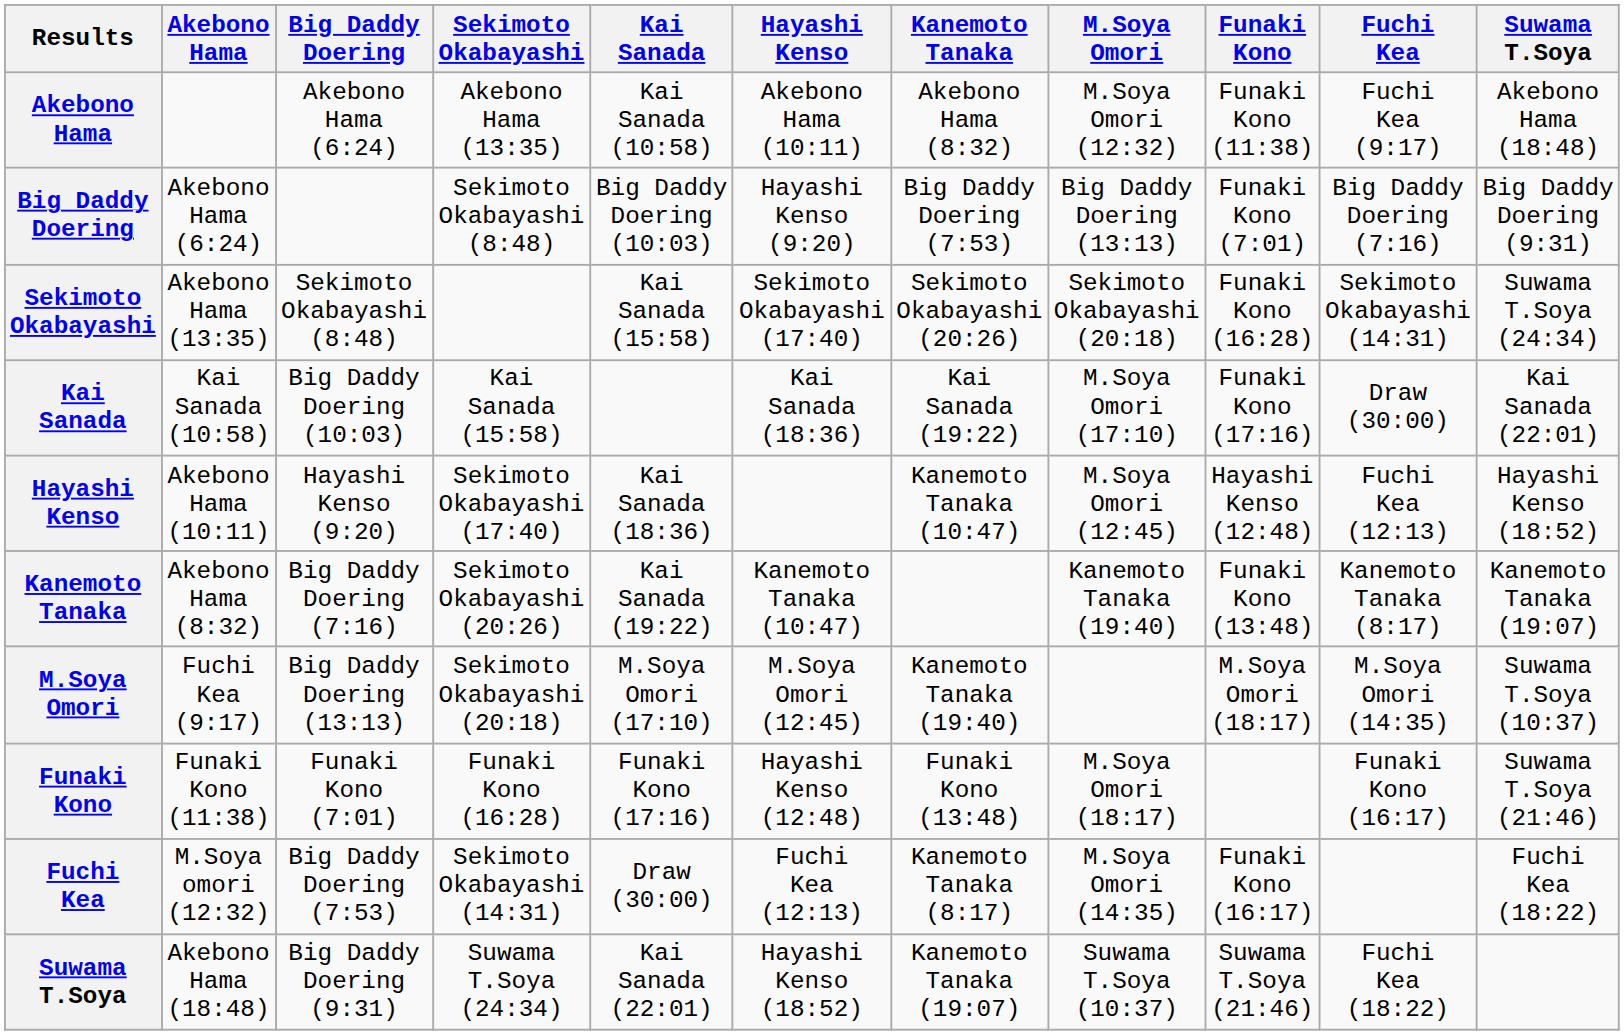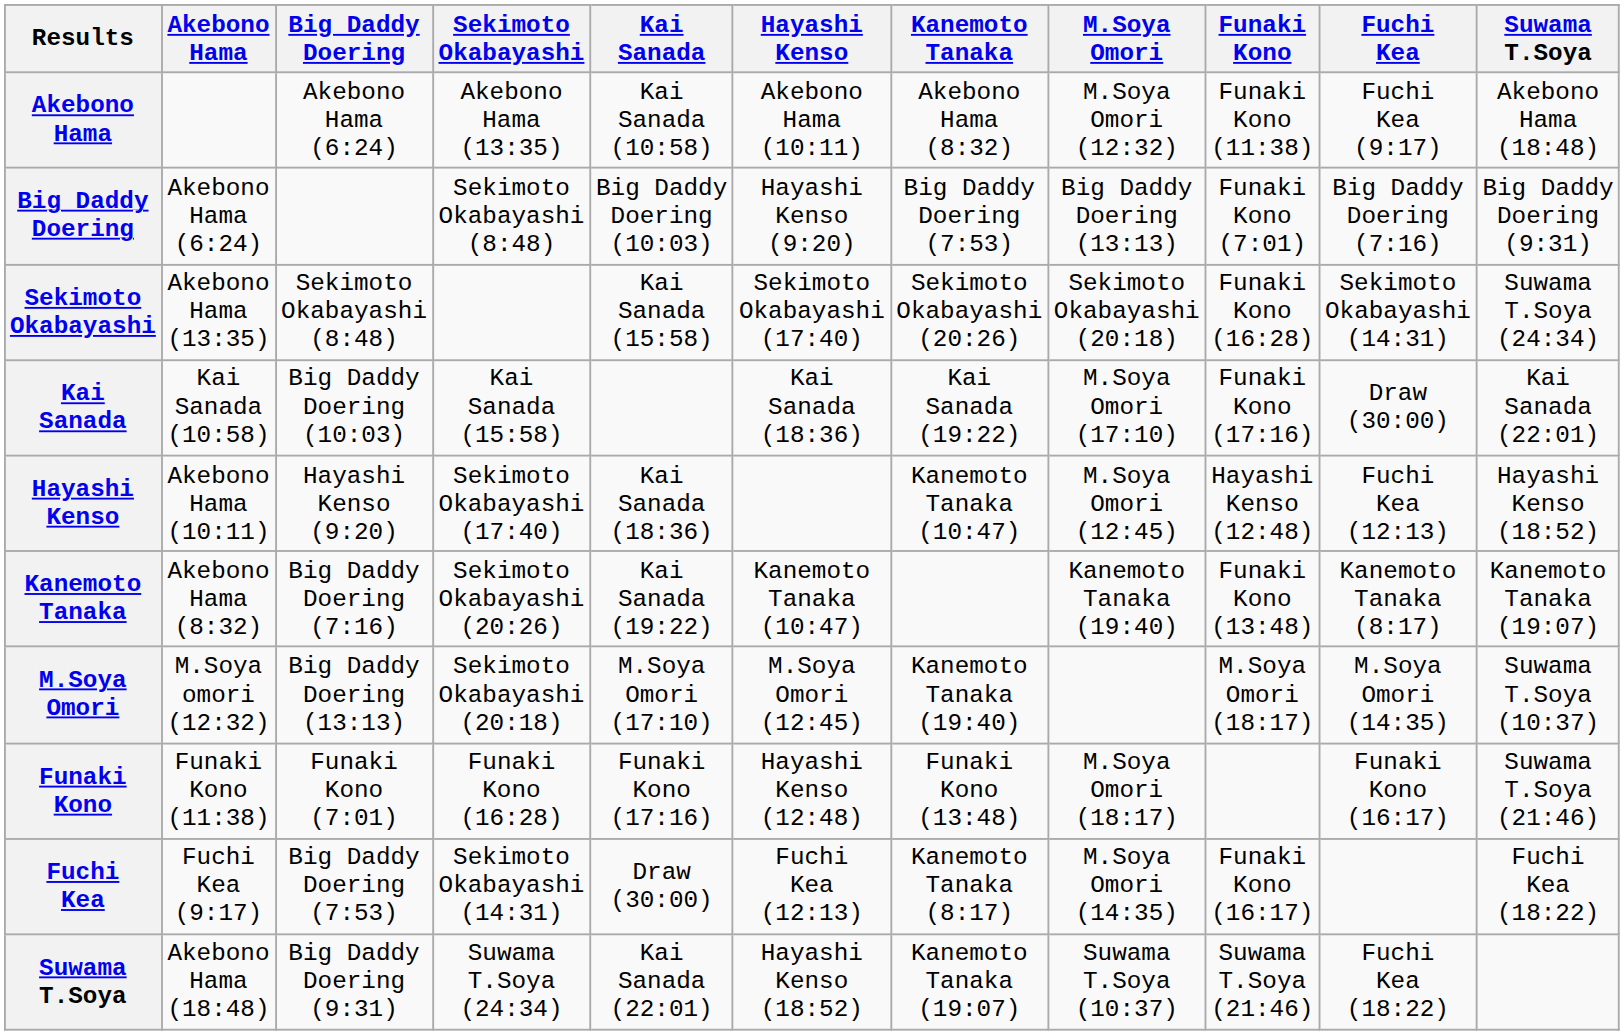 <table class="wikitable" style="text-align:center; margin: 1em auto 1em auto">
 <tr>
 <th>Results</th>
 <th><a href='#'>Akebono</a><br><a href='#'>Hama</a></th>
 <th><a href='#'>Big Daddy</a><br><a href='#'>Doering</a></th>
 <th><a href='#'>Sekimoto</a><br><a href='#'>Okabayashi</a></th>
 <th><a href='#'>Kai</a><br><a href='#'>Sanada</a></th>
 <th><a href='#'>Hayashi</a><br><a href='#'>Kenso</a></th>
 <th><a href='#'>Kanemoto</a><br><a href='#'>Tanaka</a></th>
 <th><a href='#'>M.Soya</a><br><a href='#'>Omori</a></th>
 <th><a href='#'>Funaki</a><br><a href='#'>Kono</a></th>
 <th><a href='#'>Fuchi</a><br><a href='#'>Kea</a></th>
 <th><a href='#'>Suwama</a><br>T.Soya</th>
 </tr>
 <tr>
 <th><a href='#'>Akebono</a><br><a href='#'>Hama</a></th>
 <td></td>
 <td>Akebono<br>Hama<br>(6:24)</td>
 <td>Akebono<br>Hama<br>(13:35)</td>
 <td>Kai<br>Sanada<br>(10:58)</td>
 <td>Akebono<br>Hama<br>(10:11)</td>
 <td>Akebono<br>Hama<br>(8:32)</td>
 <td>M.Soya<br>Omori<br>(12:32)</td>
 <td>Funaki<br>Kono<br>(11:38)</td>
 <td>Fuchi<br>Kea<br>(9:17)</td>
 <td>Akebono<br>Hama<br>(18:48)</td>
 </tr>
 <tr>
 <th><a href='#'>Big Daddy</a><br><a href='#'>Doering</a></th>
 <td>Akebono<br>Hama<br>(6:24)</td>
 <td></td>
 <td>Sekimoto<br>Okabayashi<br>(8:48)</td>
 <td>Big Daddy<br>Doering<br>(10:03)</td>
 <td>Hayashi<br>Kenso<br>(9:20)</td>
 <td>Big Daddy<br>Doering<br>(7:53)</td>
 <td>Big Daddy<br>Doering<br>(13:13)</td>
 <td>Funaki<br>Kono<br>(7:01)</td>
 <td>Big Daddy<br>Doering<br>(7:16)</td>
 <td>Big Daddy<br>Doering<br>(9:31)</td>
 </tr>
 <tr>
 <th><a href='#'>Sekimoto</a><br><a href='#'>Okabayashi</a></th>
 <td>Akebono<br>Hama<br>(13:35)</td>
 <td>Sekimoto<br>Okabayashi<br>(8:48)</td>
 <td></td>
 <td>Kai<br>Sanada<br>(15:58)</td>
 <td>Sekimoto<br>Okabayashi<br>(17:40)</td>
 <td>Sekimoto<br>Okabayashi<br>(20:26)</td>
 <td>Sekimoto<br>Okabayashi<br>(20:18)</td>
 <td>Funaki<br>Kono<br>(16:28)</td>
 <td>Sekimoto<br>Okabayashi<br>(14:31)</td>
 <td>Suwama<br>T.Soya<br>(24:34)</td>
 </tr>
 <tr>
 <th><a href='#'>Kai</a><br><a href='#'>Sanada</a></th>
 <td>Kai<br>Sanada<br>(10:58)</td>
 <td>Big Daddy<br>Doering<br>(10:03)</td>
 <td>Kai<br>Sanada<br>(15:58)</td>
 <td></td>
 <td>Kai<br>Sanada<br>(18:36)</td>
 <td>Kai<br>Sanada<br>(19:22)</td>
 <td>M.Soya<br>Omori<br>(17:10)</td>
 <td>Funaki<br>Kono<br>(17:16)</td>
 <td>Draw<br>(30:00)</td>
 <td>Kai<br>Sanada<br>(22:01)</td>
 </tr>
 <tr>
 <th><a href='#'>Hayashi</a><br><a href='#'>Kenso</a></th>
 <td>Akebono<br>Hama<br>(10:11)</td>
 <td>Hayashi<br>Kenso<br>(9:20)</td>
 <td>Sekimoto<br>Okabayashi<br>(17:40)</td>
 <td>Kai<br>Sanada<br>(18:36)</td>
 <td></td>
 <td>Kanemoto<br>Tanaka<br>(10:47)</td>
 <td>M.Soya<br>Omori<br>(12:45)</td>
 <td>Hayashi<br>Kenso<br>(12:48)</td>
 <td>Fuchi<br>Kea<br>(12:13)</td>
 <td>Hayashi<br>Kenso<br>(18:52)</td>
 </tr>
 <tr>
 <th><a href='#'>Kanemoto</a><br><a href='#'>Tanaka</a></th>
 <td>Akebono<br>Hama<br>(8:32)</td>
 <td>Big Daddy<br>Doering<br>(7:16)</td>
 <td>Sekimoto<br>Okabayashi<br>(20:26)</td>
 <td>Kai<br>Sanada<br>(19:22)</td>
 <td>Kanemoto<br>Tanaka<br>(10:47)</td>
 <td></td>
 <td>Kanemoto<br>Tanaka<br>(19:40)</td>
 <td>Funaki<br>Kono<br>(13:48)</td>
 <td>Kanemoto<br>Tanaka<br>(8:17)</td>
 <td>Kanemoto<br>Tanaka<br>(19:07)</td>
 </tr>
 <tr>
 <th><a href='#'>M.Soya</a><br><a href='#'>Omori</a></th>
-<td>Fuchi<br>Kea<br>(9:17)</td>
+<td>M.Soya<br>omori<br>(12:32)</td>
 <td>Big Daddy<br>Doering<br>(13:13)</td>
 <td>Sekimoto<br>Okabayashi<br>(20:18)</td>
 <td>M.Soya<br>Omori<br>(17:10)</td>
 <td>M.Soya<br>Omori<br>(12:45)</td>
 <td>Kanemoto<br>Tanaka<br>(19:40)</td>
 <td></td>
 <td>M.Soya<br>Omori<br>(18:17)</td>
 <td>M.Soya<br>Omori<br>(14:35)</td>
 <td>Suwama<br>T.Soya<br>(10:37)</td>
 </tr>
 <tr>
 <th><a href='#'>Funaki</a><br><a href='#'>Kono</a></th>
 <td>Funaki<br>Kono<br>(11:38)</td>
 <td>Funaki<br>Kono<br>(7:01)</td>
 <td>Funaki<br>Kono<br>(16:28)</td>
 <td>Funaki<br>Kono<br>(17:16)</td>
 <td>Hayashi<br>Kenso<br>(12:48)</td>
 <td>Funaki<br>Kono<br>(13:48)</td>
 <td>M.Soya<br>Omori<br>(18:17)</td>
 <td></td>
 <td>Funaki<br>Kono<br>(16:17)</td>
 <td>Suwama<br>T.Soya<br>(21:46)</td>
 </tr>
 <tr>
 <th><a href='#'>Fuchi</a><br><a href='#'>Kea</a></th>
-<td>M.Soya<br>omori<br>(12:32)</td>
+<td>Fuchi<br>Kea<br>(9:17)</td>
 <td>Big Daddy<br>Doering<br>(7:53)</td>
 <td>Sekimoto<br>Okabayashi<br>(14:31)</td>
 <td>Draw<br>(30:00)</td>
 <td>Fuchi<br>Kea<br>(12:13)</td>
 <td>Kanemoto<br>Tanaka<br>(8:17)</td>
 <td>M.Soya<br>Omori<br>(14:35)</td>
 <td>Funaki<br>Kono<br>(16:17)</td>
 <td></td>
 <td>Fuchi<br>Kea<br>(18:22)</td>
 </tr>
 <tr>
 <th><a href='#'>Suwama</a><br>T.Soya</th>
 <td>Akebono<br>Hama<br>(18:48)</td>
 <td>Big Daddy<br>Doering<br>(9:31)</td>
 <td>Suwama<br>T.Soya<br>(24:34)</td>
 <td>Kai<br>Sanada<br>(22:01)</td>
 <td>Hayashi<br>Kenso<br>(18:52)</td>
 <td>Kanemoto<br>Tanaka<br>(19:07)</td>
 <td>Suwama<br>T.Soya<br>(10:37)</td>
 <td>Suwama<br>T.Soya<br>(21:46)</td>
 <td>Fuchi<br>Kea<br>(18:22)</td>
 <td></td>
 </tr>
 </table>
